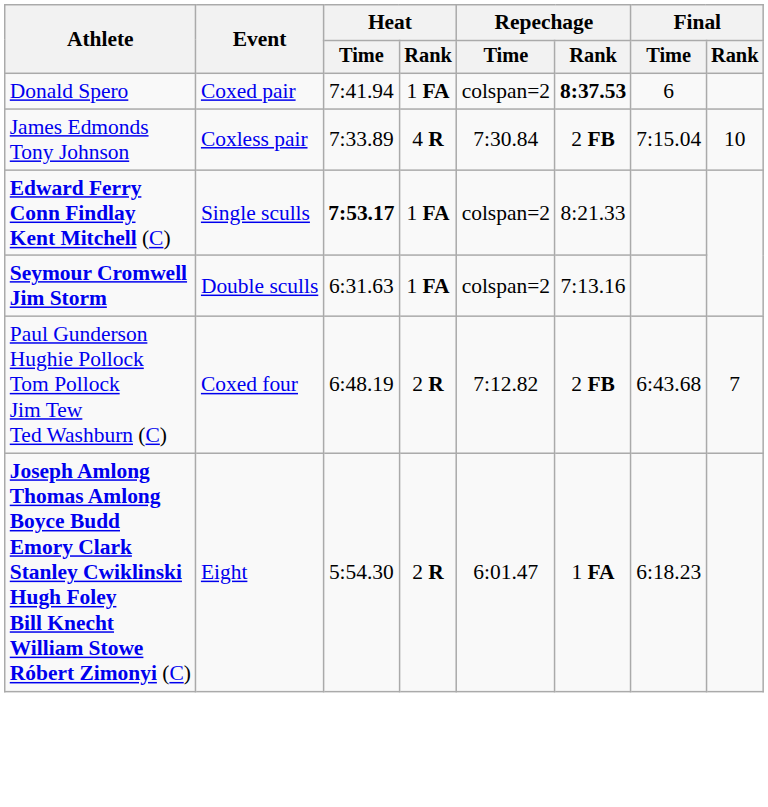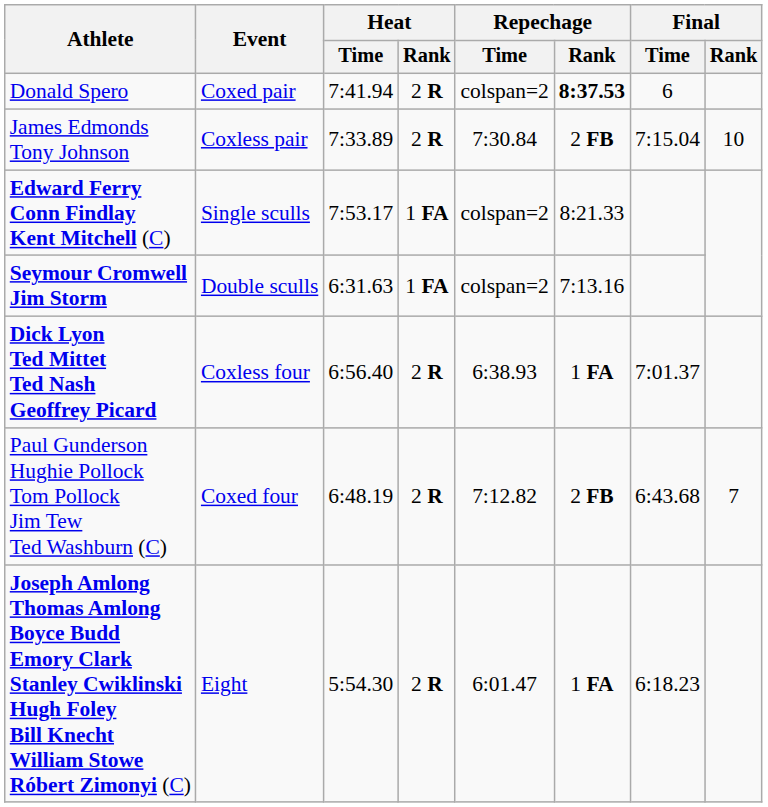 <table class=wikitable style=font-size:90%;text-align:center>
 <tr>
 <th rowspan=2>Athlete</th>
 <th rowspan=2>Event</th>
 <th colspan=2>Heat</th>
 <th colspan=2>Repechage</th>
 <th colspan=2>Final</th>
 </tr>
 <tr style=font-size:95%>
 <th>Time</th>
 <th>Rank</th>
 <th>Time</th>
 <th>Rank</th>
 <th>Time</th>
 <th>Rank</th>
 </tr>
 <tr>
 <td align=left><a href='#'>Donald Spero</a></td>
 <td align=left><a href='#'>Coxed pair</a></td>
 <td>7:41.94</td>
-<td>1 <strong>FA</strong></td>
+<td>2 <strong>R</strong></td>
 <td>colspan=2 </td>
 <td><strong>8:37.53</strong></td>
 <td>6</td>
 </tr>
 <tr>
 <td align=left><a href='#'>James Edmonds</a><br><a href='#'>Tony Johnson</a></td>
 <td align=left><a href='#'>Coxless pair</a></td>
 <td>7:33.89</td>
-<td>4 <strong>R</strong></td>
+<td>2 <strong>R</strong></td>
 <td>7:30.84</td>
 <td>2 <strong>FB</strong></td>
 <td>7:15.04</td>
 <td>10</td>
 </tr>
 <tr>
 <td align=left><strong><a href='#'>Edward Ferry</a><br><a href='#'>Conn Findlay</a><br><a href='#'>Kent Mitchell</a></strong> (<a href='#'>C</a>)</td>
 <td align=left><a href='#'>Single sculls</a></td>
-<td><strong>7:53.17</strong></td>
+<td>7:53.17</td>
 <td>1 <strong>FA</strong></td>
 <td>colspan=2 </td>
 <td>8:21.33</td>
 <td></td>
 </tr>
 <tr>
 <td align=left><strong><a href='#'>Seymour Cromwell</a><br><a href='#'>Jim Storm</a></strong></td>
 <td align=left><a href='#'>Double sculls</a></td>
 <td>6:31.63</td>
 <td>1 <strong>FA</strong></td>
 <td>colspan=2 </td>
 <td>7:13.16</td>
+<td></td>
+</tr>
+<tr>
+<td align=left><strong><a href='#'>Dick Lyon</a><br><a href='#'>Ted Mittet</a><br><a href='#'>Ted Nash</a><br><a href='#'>Geoffrey Picard</a></strong></td>
+<td align=left><a href='#'>Coxless four</a></td>
+<td>6:56.40</td>
+<td>2 <strong>R</strong></td>
+<td>6:38.93</td>
+<td>1 <strong>FA</strong></td>
+<td>7:01.37</td>
 <td></td>
 </tr>
 <tr>
 <td align=left><a href='#'>Paul Gunderson</a><br><a href='#'>Hughie Pollock</a><br><a href='#'>Tom Pollock</a><br><a href='#'>Jim Tew</a><br><a href='#'>Ted Washburn</a> (<a href='#'>C</a>)</td>
 <td align=left><a href='#'>Coxed four</a></td>
 <td>6:48.19</td>
 <td>2 <strong>R</strong></td>
 <td>7:12.82</td>
 <td>2 <strong>FB</strong></td>
 <td>6:43.68</td>
 <td>7</td>
 </tr>
 <tr>
 <td align=left><strong><a href='#'>Joseph Amlong</a><br><a href='#'>Thomas Amlong</a><br><a href='#'>Boyce Budd</a><br><a href='#'>Emory Clark</a><br><a href='#'>Stanley Cwiklinski</a><br><a href='#'>Hugh Foley</a><br><a href='#'>Bill Knecht</a><br><a href='#'>William Stowe</a><br><a href='#'>Róbert Zimonyi</a></strong> (<a href='#'>C</a>)</td>
 <td align=left><a href='#'>Eight</a></td>
 <td>5:54.30</td>
 <td>2 <strong>R</strong></td>
 <td>6:01.47</td>
 <td>1 <strong>FA</strong></td>
 <td>6:18.23</td>
 <td></td>
 </tr>
 </table>
